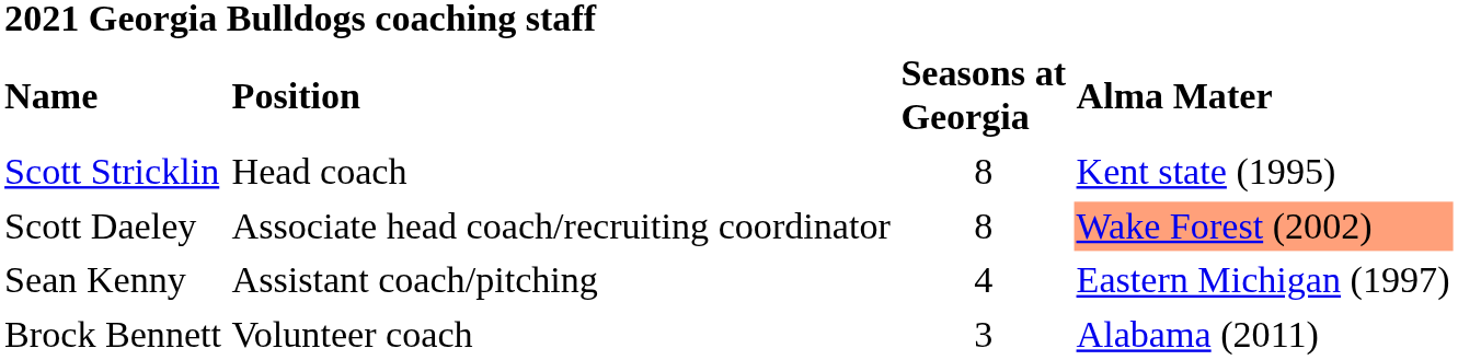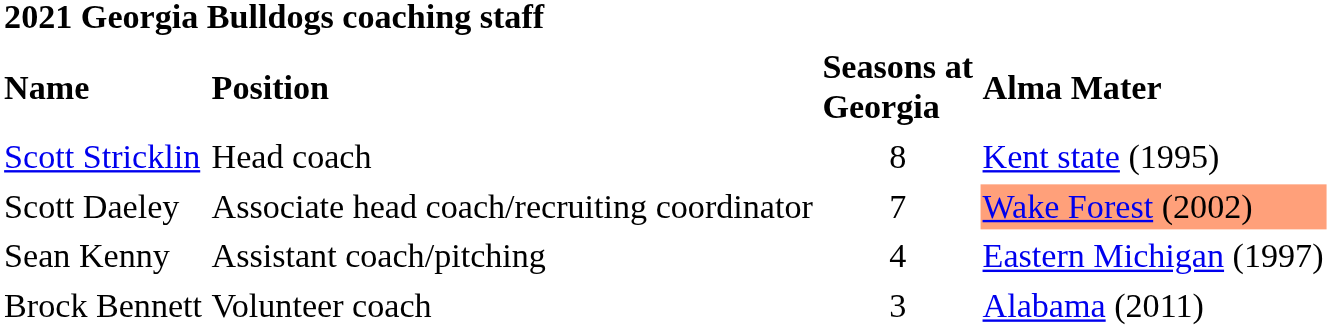 <table class="toccolours" style="text-align: left; font-size:90%;">
 <tr>
 <th colspan="9">2021 Georgia Bulldogs coaching staff</th>
 </tr>
 <tr>
 <th>Name</th>
 <th>Position</th>
 <th>Seasons at<br>Georgia</th>
 <th>Alma Mater</th>
 </tr>
 <tr>
 <td><a href='#'>Scott Stricklin</a></td>
 <td>Head coach</td>
 <td align=center>8</td>
 <td><a href='#'>Kent state</a> (1995)</td>
 </tr>
 <tr>
 <td>Scott Daeley</td>
 <td>Associate head coach/recruiting coordinator</td>
-<td align=center>8</td>
+<td align=center>7</td>
 <td style="background: lightsalmon;"><a href='#'>Wake Forest</a> (2002)</td>
 </tr>
 <tr>
 <td>Sean Kenny</td>
 <td>Assistant coach/pitching</td>
 <td align=center>4</td>
 <td><a href='#'>Eastern Michigan</a> (1997)</td>
 </tr>
 <tr>
 <td>Brock Bennett</td>
 <td>Volunteer coach</td>
 <td align=center>3</td>
 <td><a href='#'>Alabama</a> (2011)</td>
 </tr>
 </table>
